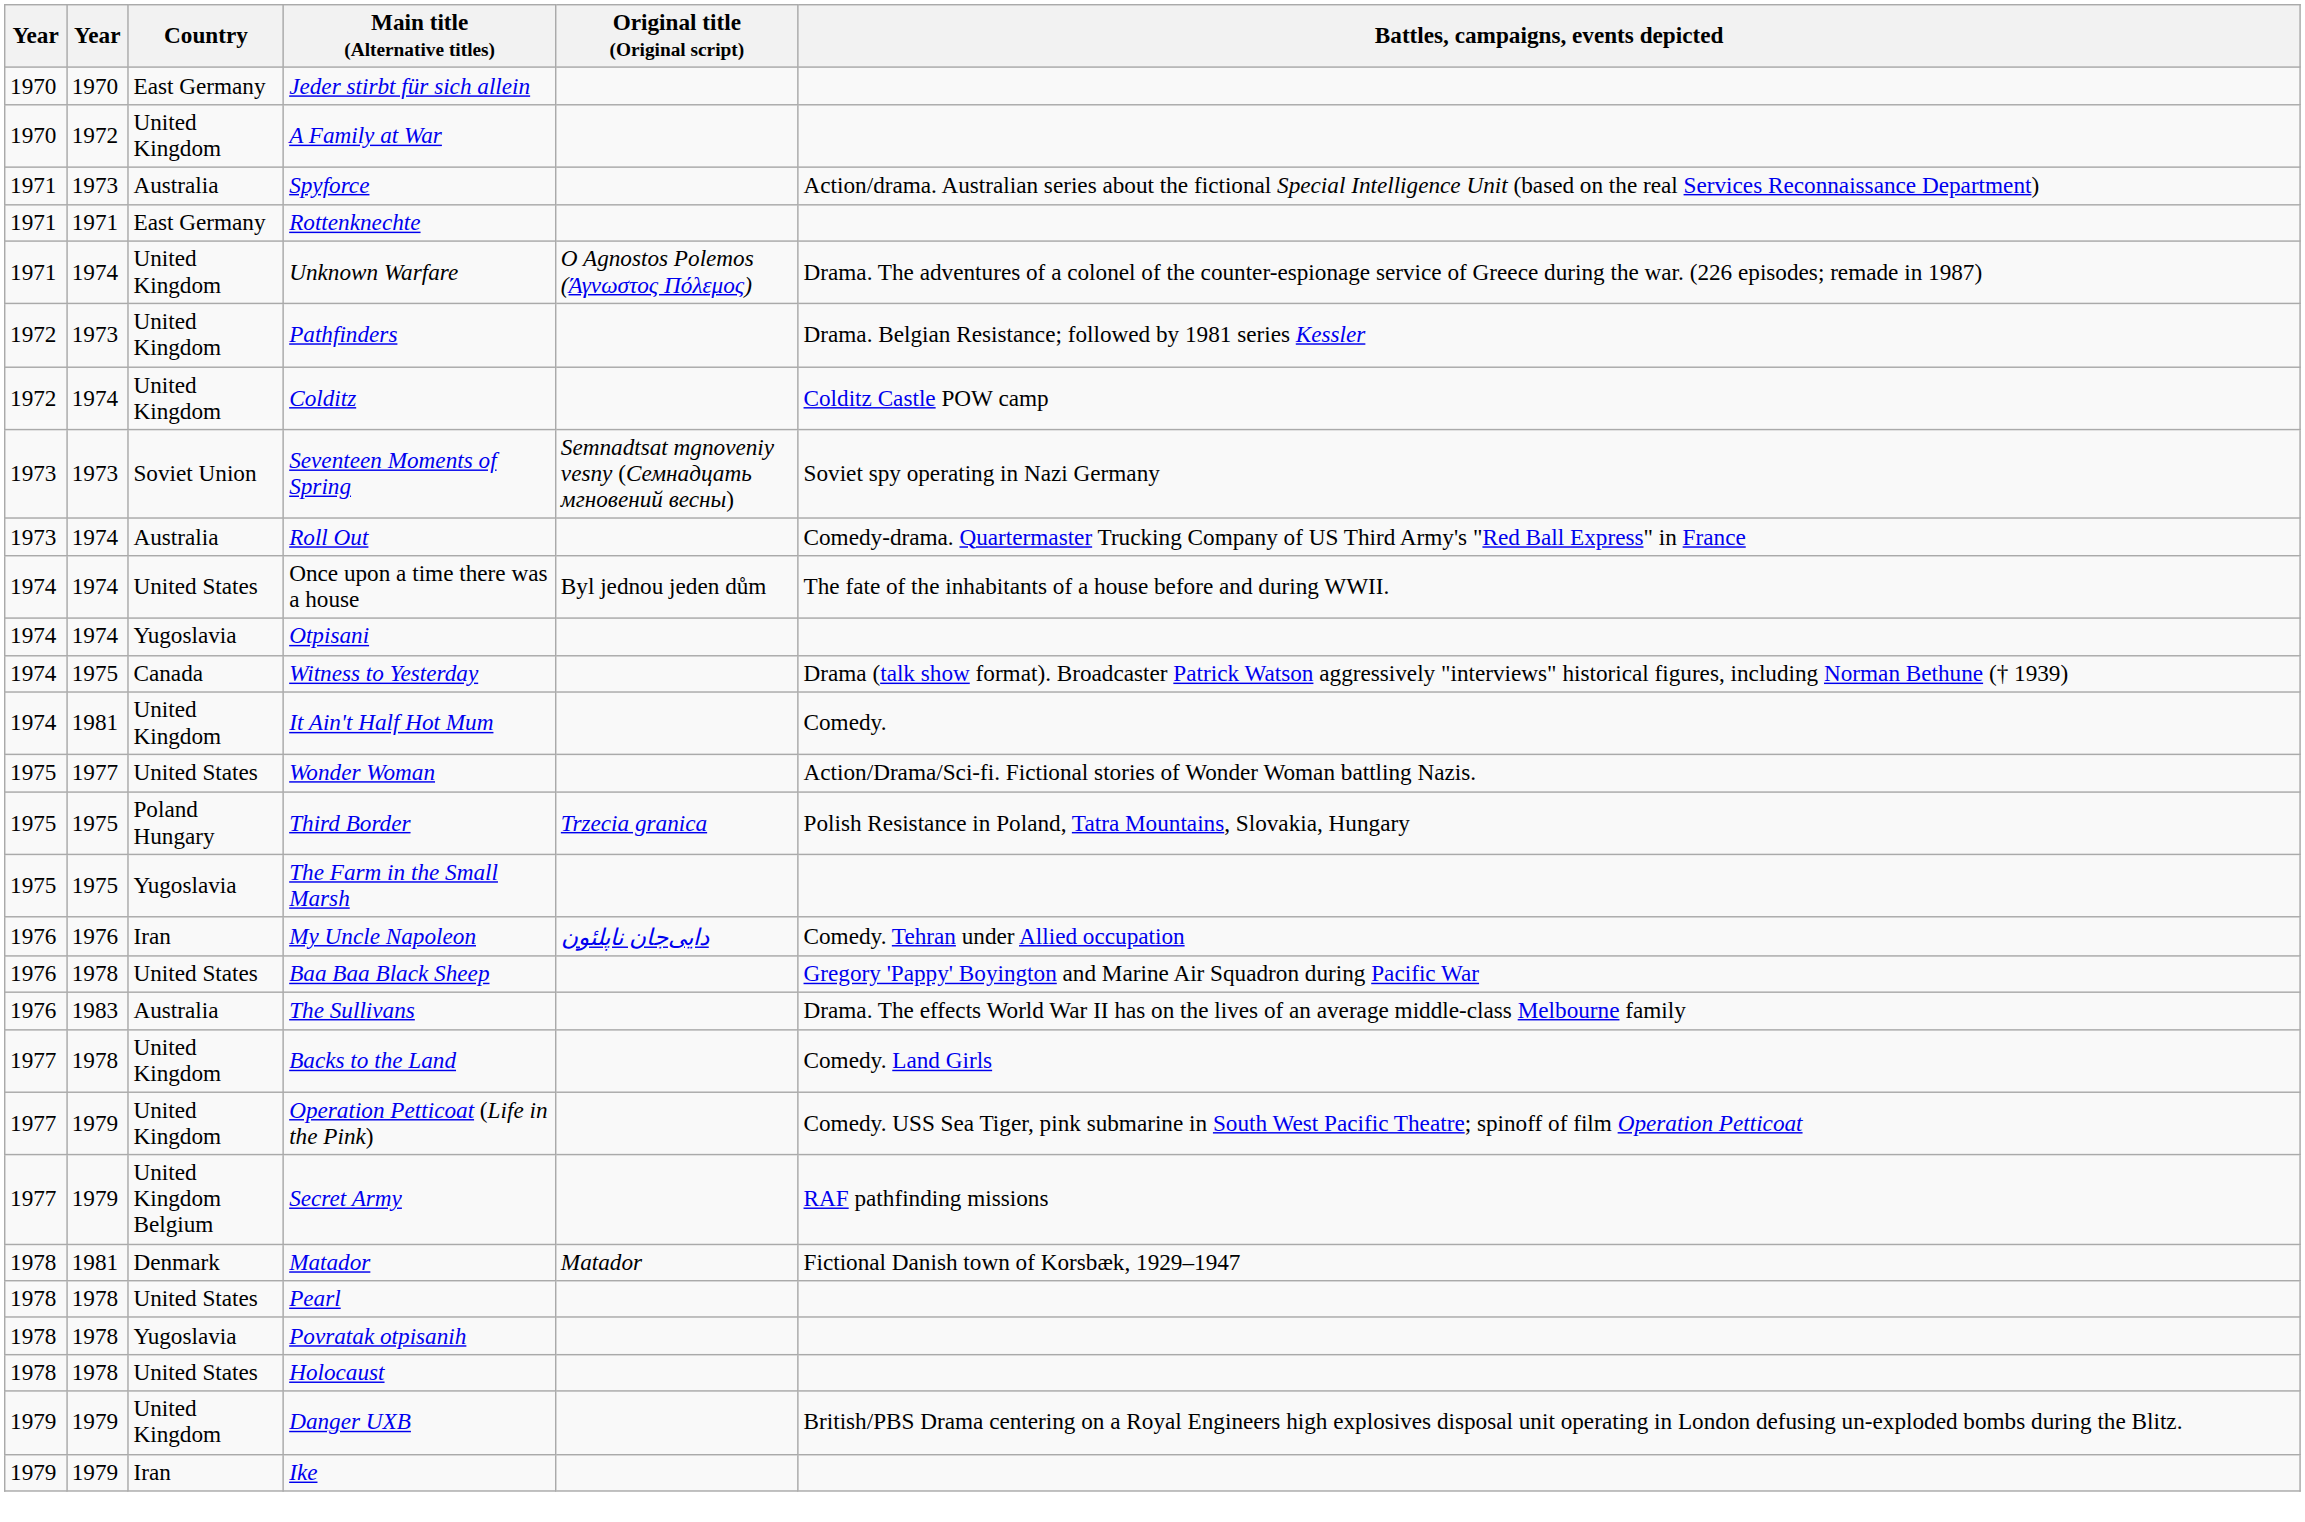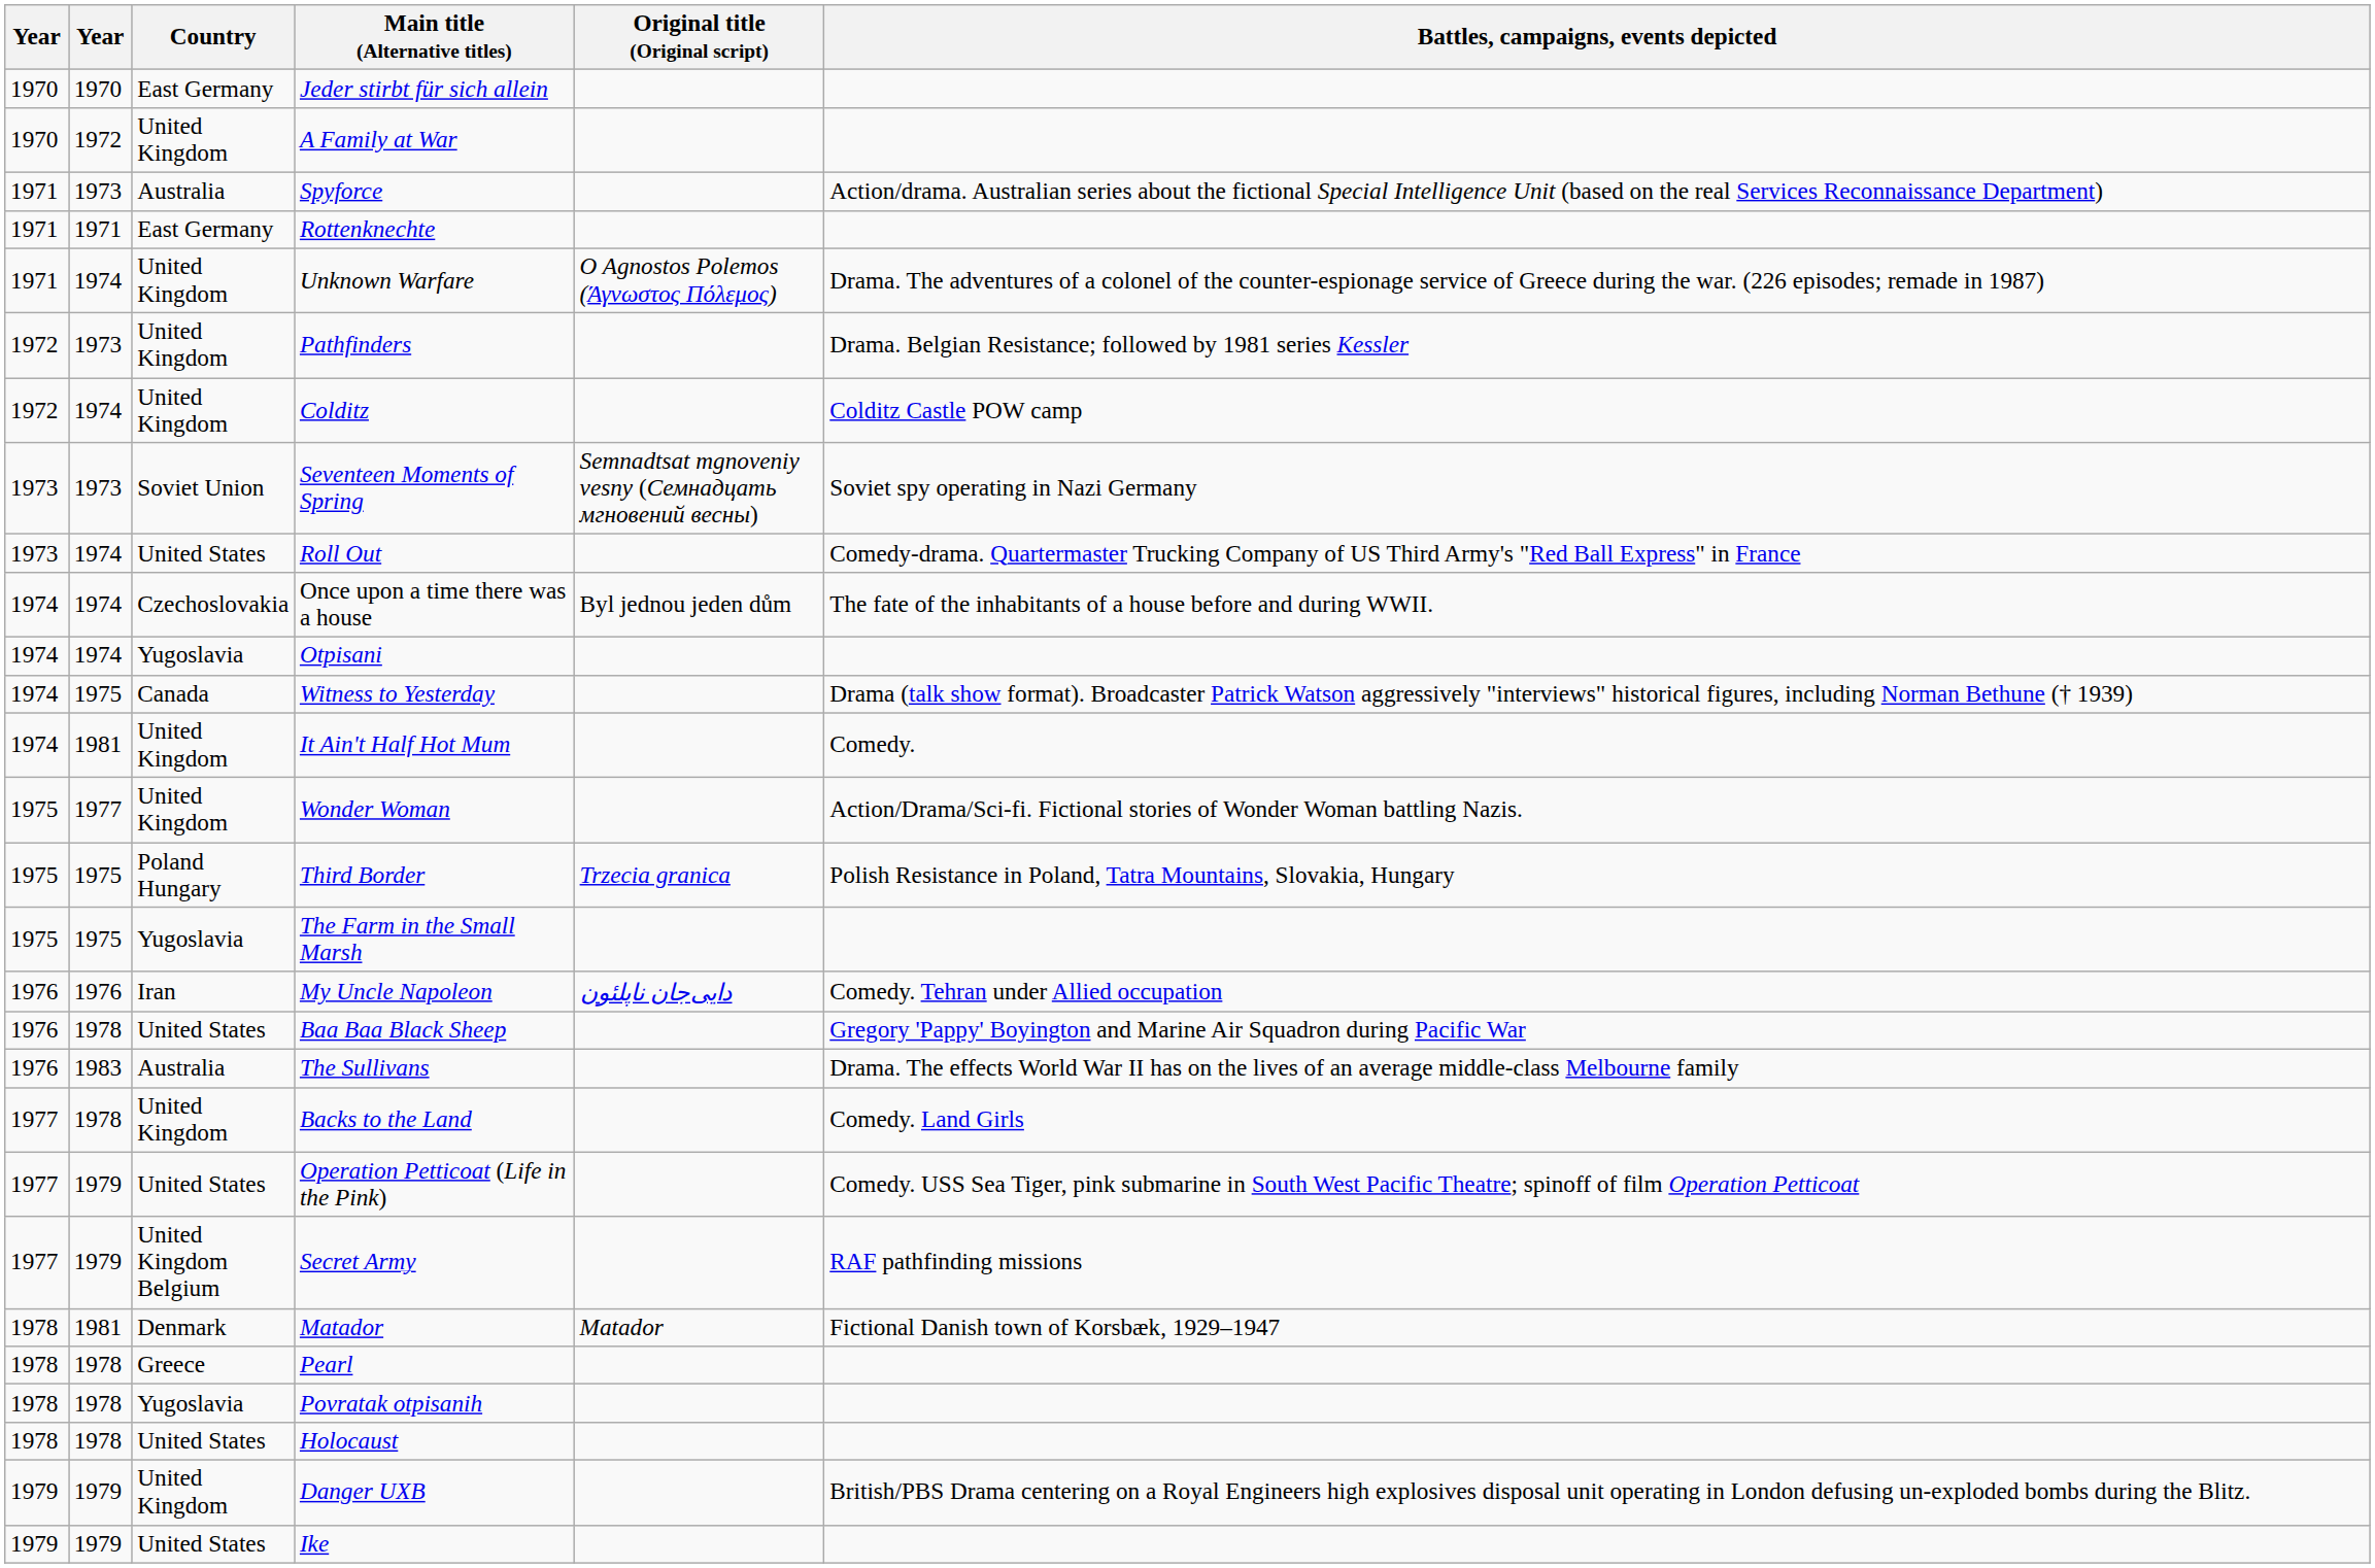 <table class="wikitable sortable" style="width:100%;">
 <tr>
 <th class="unsortable">Year</th>
 <th class="unsortable">Year<br></th>
 <th width=100>Country</th>
 <th width=180>Main title<br><small>(Alternative titles)</small></th>
 <th width=160>Original title<br><small>(Original script)</small></th>
 <th class="unsortable">Battles, campaigns, events depicted<br></th>
 </tr>
 <tr>
 <td>1970</td>
 <td>1970</td>
 <td>East Germany</td>
 <td><em><a href='#'>Jeder stirbt für sich allein</a></em></td>
 <td></td>
 <td></td>
 </tr>
 <tr>
 <td>1970</td>
 <td>1972</td>
 <td>United Kingdom</td>
 <td><em><a href='#'>A Family at War</a></em></td>
 <td></td>
 <td></td>
 </tr>
 <tr>
 <td>1971</td>
 <td>1973</td>
 <td>Australia</td>
 <td><em><a href='#'>Spyforce</a></em></td>
 <td></td>
 <td>Action/drama. Australian series about the fictional <em>Special Intelligence Unit</em> (based on the real <a href='#'>Services Reconnaissance Department</a>)</td>
 </tr>
 <tr>
 <td>1971</td>
 <td>1971</td>
 <td>East Germany</td>
 <td><em><a href='#'>Rottenknechte</a></em></td>
 <td></td>
 <td></td>
 </tr>
 <tr>
 <td>1971</td>
 <td>1974</td>
 <td>United Kingdom</td>
 <td><em>Unknown Warfare</em></td>
 <td><em>O Agnostos Polemos</em><br><em>(<a href='#'>Άγνωστος Πόλεμος</a>)</em></td>
 <td>Drama. The adventures of a colonel of the counter-espionage service of Greece during the war. (226 episodes; remade in 1987)</td>
 </tr>
 <tr>
 <td>1972</td>
 <td>1973</td>
 <td>United Kingdom</td>
 <td><em><a href='#'>Pathfinders</a></em></td>
 <td></td>
 <td>Drama. Belgian Resistance; followed by 1981 series <em><a href='#'>Kessler</a></em></td>
 </tr>
 <tr>
 <td>1972</td>
 <td>1974</td>
 <td>United Kingdom</td>
 <td><em><a href='#'>Colditz</a></em></td>
 <td></td>
 <td><a href='#'>Colditz Castle</a> POW camp</td>
 </tr>
 <tr>
 <td>1973</td>
 <td>1973</td>
 <td>Soviet Union</td>
 <td><em><a href='#'>Seventeen Moments of Spring</a></em></td>
 <td><em>Semnadtsat mgnoveniy vesny</em> (<em>Семнадцать мгновений весны</em>)</td>
 <td>Soviet spy operating in Nazi Germany</td>
 </tr>
 <tr>
 <td>1973</td>
 <td>1974</td>
-<td>Australia</td>
+<td>United States</td>
 <td><em><a href='#'>Roll Out</a></em></td>
 <td></td>
 <td>Comedy-drama. <a href='#'>Quartermaster</a> Trucking Company of US Third Army's "<a href='#'>Red Ball Express</a>" in <a href='#'>France</a></td>
 </tr>
 <tr>
 <td>1974</td>
 <td>1974</td>
-<td>United States<br></td>
+<td>Czechoslovakia</td>
 <td>Once upon a time there was a house</td>
 <td>Byl jednou jeden dům</td>
 <td>The fate of the inhabitants of a house before and during WWII.</td>
 </tr>
 <tr>
 <td>1974</td>
 <td>1974</td>
 <td>Yugoslavia</td>
 <td><em><a href='#'>Otpisani</a></em></td>
 <td></td>
 <td></td>
 </tr>
 <tr>
 <td>1974</td>
 <td>1975</td>
 <td>Canada</td>
 <td><em><a href='#'>Witness to Yesterday</a></em></td>
 <td></td>
 <td>Drama (<a href='#'>talk show</a> format). Broadcaster <a href='#'>Patrick Watson</a> aggressively "interviews" historical figures, including <a href='#'>Norman Bethune</a> († 1939)</td>
 </tr>
 <tr>
 <td>1974</td>
 <td>1981</td>
 <td>United Kingdom</td>
 <td><em><a href='#'>It Ain't Half Hot Mum</a></em></td>
 <td></td>
 <td>Comedy.</td>
 </tr>
 <tr>
 <td>1975</td>
 <td>1977</td>
-<td>United States<br></td>
+<td>United Kingdom</td>
 <td><em><a href='#'>Wonder Woman</a></em></td>
 <td></td>
 <td>Action/Drama/Sci-fi. Fictional stories of Wonder Woman battling Nazis.</td>
 </tr>
 <tr>
 <td>1975</td>
 <td>1975</td>
 <td>Poland<br>Hungary</td>
 <td><em><a href='#'>Third Border</a></em></td>
 <td><em><a href='#'>Trzecia granica</a></em> </td>
 <td>Polish Resistance in Poland, <a href='#'>Tatra Mountains</a>, Slovakia, Hungary</td>
 </tr>
 <tr>
 <td>1975</td>
 <td>1975</td>
 <td>Yugoslavia</td>
 <td><em><a href='#'>The Farm in the Small Marsh</a></em></td>
 <td></td>
 <td></td>
 </tr>
 <tr>
 <td>1976</td>
 <td>1976</td>
 <td>Iran</td>
 <td><em><a href='#'>My Uncle Napoleon</a></em></td>
 <td><em><a href='#'>دایی‌جان ناپلئون</a></em></td>
 <td>Comedy. <a href='#'>Tehran</a> under <a href='#'>Allied occupation</a></td>
 </tr>
 <tr>
 <td>1976</td>
 <td>1978</td>
 <td>United States</td>
 <td><em><a href='#'>Baa Baa Black Sheep</a></em></td>
 <td></td>
 <td><a href='#'>Gregory 'Pappy' Boyington</a> and Marine Air Squadron during <a href='#'>Pacific War</a></td>
 </tr>
 <tr>
 <td>1976</td>
 <td>1983</td>
 <td>Australia</td>
 <td><em><a href='#'>The Sullivans</a></em></td>
 <td></td>
 <td>Drama. The effects World War II has on the lives of an average middle-class <a href='#'>Melbourne</a> family</td>
 </tr>
 <tr>
 <td>1977</td>
 <td>1978</td>
 <td>United Kingdom</td>
 <td><em><a href='#'>Backs to the Land</a></em></td>
 <td></td>
 <td>Comedy. <a href='#'>Land Girls</a></td>
 </tr>
 <tr>
 <td>1977</td>
 <td>1979</td>
-<td>United Kingdom</td>
+<td>United States</td>
 <td><em><a href='#'>Operation Petticoat</a></em> (<em>Life in the Pink</em>)</td>
 <td></td>
 <td>Comedy. USS Sea Tiger, pink submarine in <a href='#'>South West Pacific Theatre</a>; spinoff of film <em><a href='#'>Operation Petticoat</a></em></td>
 </tr>
 <tr>
 <td>1977</td>
 <td>1979</td>
 <td>United Kingdom<br>Belgium</td>
 <td><em><a href='#'>Secret Army</a></em></td>
 <td></td>
 <td><a href='#'>RAF</a> pathfinding missions</td>
 </tr>
 <tr>
 <td>1978</td>
 <td>1981</td>
 <td>Denmark</td>
 <td><em><a href='#'>Matador</a></em></td>
 <td><em>Matador</em></td>
 <td>Fictional Danish town of Korsbæk, 1929–1947</td>
 </tr>
 <tr>
 <td>1978</td>
 <td>1978</td>
-<td>United States</td>
+<td>Greece</td>
 <td><em><a href='#'>Pearl</a></em></td>
 <td></td>
 <td></td>
 </tr>
 <tr>
 <td>1978</td>
 <td>1978</td>
 <td>Yugoslavia</td>
 <td><em><a href='#'>Povratak otpisanih</a></em></td>
 <td></td>
 <td></td>
 </tr>
 <tr>
 <td>1978</td>
 <td>1978</td>
 <td>United States</td>
 <td><em><a href='#'>Holocaust</a></em></td>
 <td></td>
 <td></td>
 </tr>
 <tr>
 <td>1979</td>
 <td>1979</td>
 <td>United Kingdom</td>
 <td><em><a href='#'>Danger UXB</a></em></td>
 <td></td>
 <td>British/PBS Drama centering on a Royal Engineers high explosives disposal unit operating in London defusing un-exploded bombs during the Blitz.</td>
 </tr>
 <tr>
 <td>1979</td>
 <td>1979</td>
-<td>Iran</td>
+<td>United States</td>
 <td><em><a href='#'>Ike</a></em></td>
 <td></td>
 <td></td>
 </tr>
 </table>
